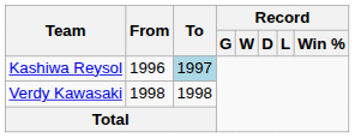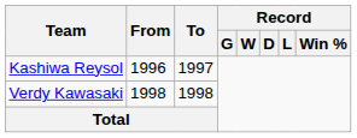 <table class="wikitable" style="text-align: center">
 <tr>
 <th rowspan="2">Team</th>
 <th rowspan="2">From</th>
 <th rowspan="2">To</th>
 <th colspan="5">Record</th>
 </tr>
 <tr>
 <th>G</th>
 <th>W</th>
 <th>D</th>
 <th>L</th>
 <th>Win %</th>
 </tr>
 <tr>
 <td align="left"><a href='#'>Kashiwa Reysol</a></td>
 <td align="left">1996</td>
-<td align="left" style="background: lightblue;">1997<br></td>
+<td align="left">1997<br></td>
 </tr>
 <tr>
 <td align="left"><a href='#'>Verdy Kawasaki</a></td>
 <td align="left">1998</td>
 <td align="left">1998<br></td>
 </tr>
 <tr>
 <th colspan="3">Total<br></th>
 </tr>
 </table>
